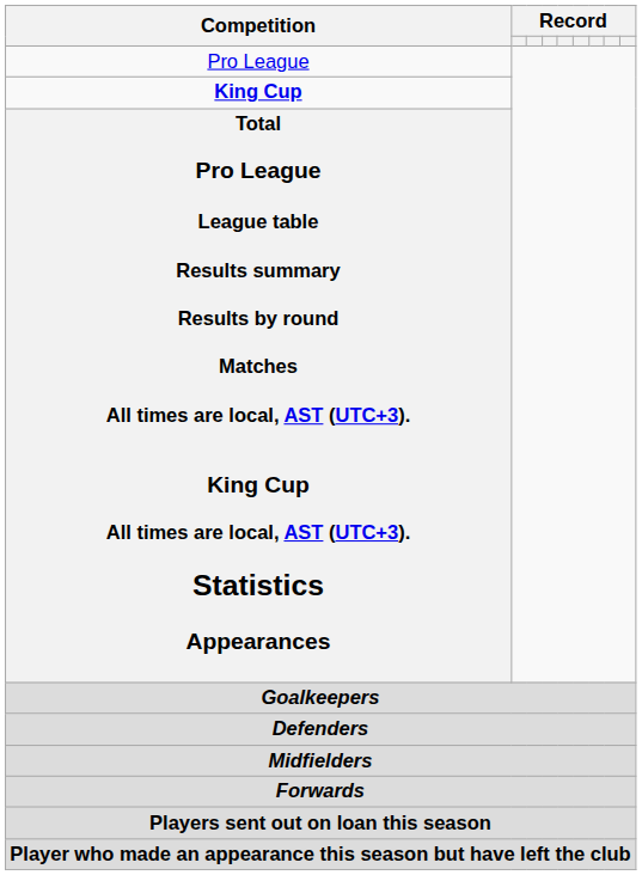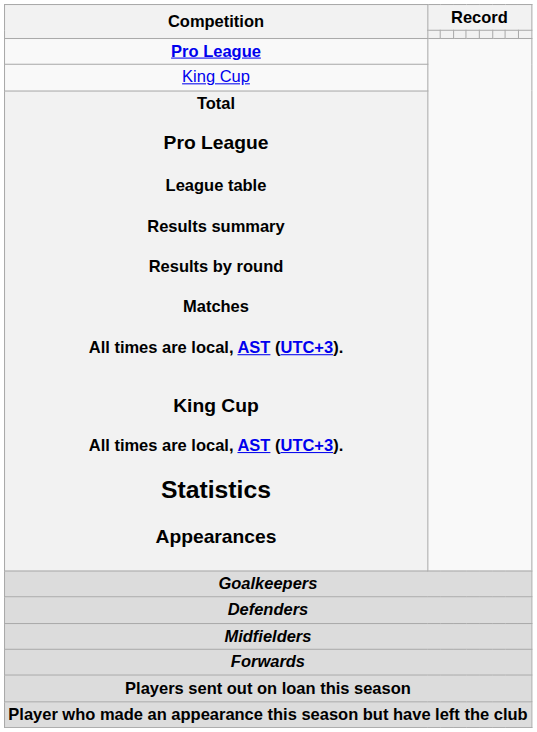 <table class="wikitable" style="text-align: center">
 <tr>
 <th rowspan=2>Competition</th>
 <th colspan=8>Record</th>
 </tr>
 <tr>
 <th></th>
 <th></th>
 <th></th>
 <th></th>
 <th></th>
 <th></th>
 <th></th>
 <th></th>
 </tr>
 <tr>
-<td><a href='#'>Pro League</a><br></td>
+<td><strong><a href='#'>Pro League</a><br></strong></td>
 </tr>
 <tr>
-<td><strong><a href='#'>King Cup</a><br></strong></td>
+<td><a href='#'>King Cup</a><br></td>
 </tr>
 <tr>
 <th>Total<br> <h3>Pro League</h3><h4>League table</h4><h4>Results summary</h4> <h4>Results by round</h4><h4>Matches</h4>All times are local, <a href='#'>AST</a> (<a href='#'>UTC+3</a>).<br>   <br>                             <h3>King Cup</h3> All times are local, <a href='#'>AST</a> (<a href='#'>UTC+3</a>).<br> <h2>Statistics</h2><h3>Appearances</h3></th>
 </tr>
 <tr>
 <th colspan=10 style=background:#dcdcdc; text-align:center><em>Goalkeepers</em><br> </th>
 </tr>
 <tr>
 <th colspan=10 style=background:#dcdcdc; text-align:center><em>Defenders</em><br>       </th>
 </tr>
 <tr>
 <th colspan=10 style=background:#dcdcdc; text-align:center><em>Midfielders</em><br>            </th>
 </tr>
 <tr>
 <th colspan=10 style=background:#dcdcdc; text-align:center><em>Forwards</em><br>   </th>
 </tr>
 <tr>
 <th colspan=14 style=background:#dcdcdc; text-align:center>Players sent out on loan this season<br>  </th>
 </tr>
 <tr>
 <th colspan=14 style=background:#dcdcdc; text-align:center>Player who made an appearance this season but have left the club<br>    </th>
 </tr>
 </table>
